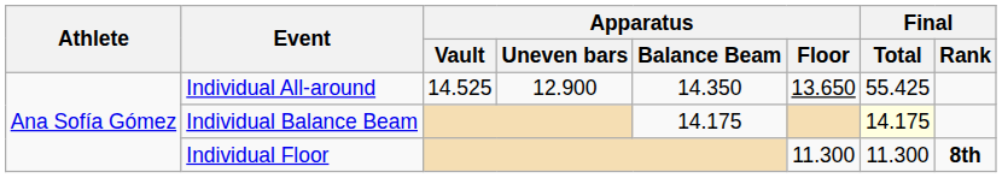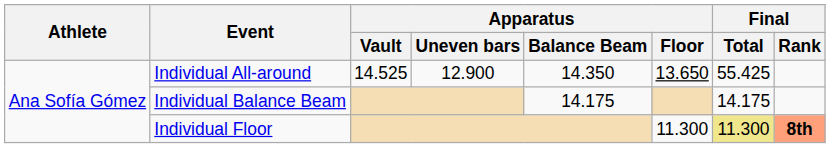 <table class="wikitable" style="font-size:90%">
 <tr>
 <th rowspan="2">Athlete</th>
 <th rowspan="2">Event</th>
 <th colspan = "4">Apparatus</th>
 <th colspan = "2">Final</th>
 </tr>
 <tr>
 <th>Vault</th>
 <th>Uneven bars</th>
 <th>Balance Beam</th>
 <th>Floor</th>
 <th>Total</th>
 <th>Rank</th>
 </tr>
 <tr>
 <td rowspan=3><a href='#'>Ana Sofía Gómez</a></td>
 <td><a href='#'>Individual All-around</a></td>
 <td align=center>14.525</td>
 <td align=center>12.900</td>
 <td align=center>14.350</td>
 <td align=center><u>13.650</u></td>
 <td align=center>55.425</td>
 <td align=center></td>
 </tr>
 <tr>
 <td><a href='#'>Individual Balance Beam</a></td>
 <td align=center colspan=2 bgcolor=wheat></td>
 <td align=center>14.175</td>
 <td align=center bgcolor=wheat></td>
-<td align=center style="background: lightyellow;">14.175</td>
+<td align=center>14.175</td>
 <td align=center></td>
 </tr>
 <tr>
 <td><a href='#'>Individual Floor</a></td>
 <td align=center colspan=3 bgcolor=wheat></td>
 <td align=center>11.300</td>
-<td align=center>11.300</td>
-<td align=center><strong>8th</strong></td>
+<td align=center style="background: khaki;">11.300</td>
+<td align=center style="background: lightsalmon;"><strong>8th</strong></td>
 </tr>
 </table>
